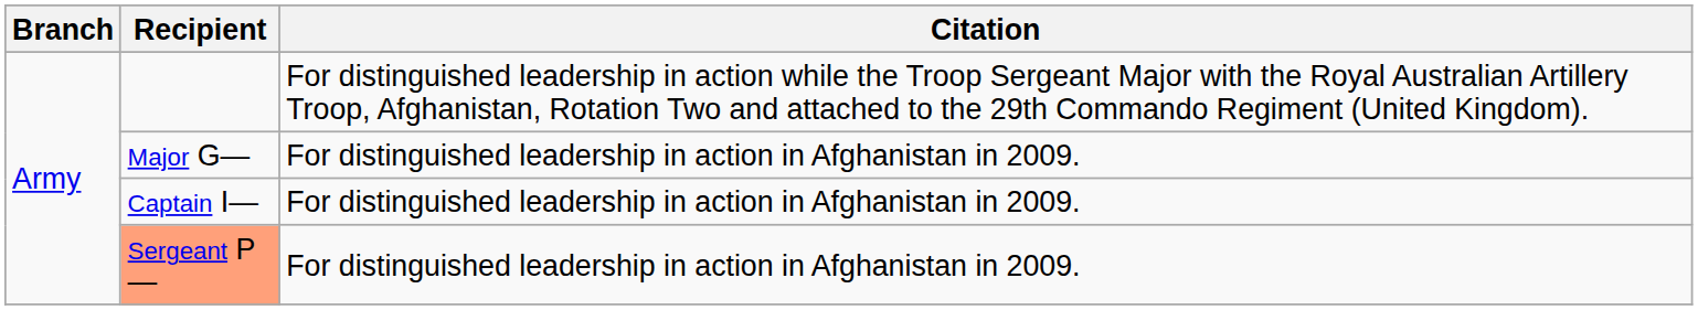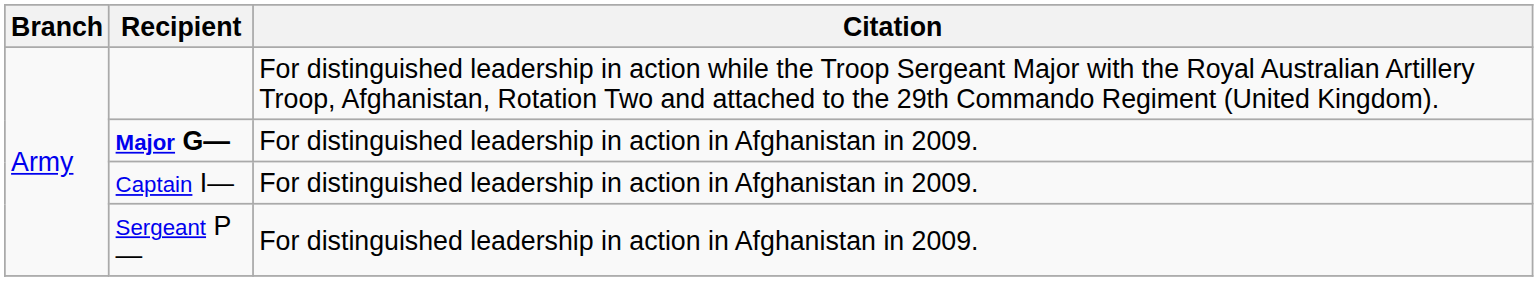 <table class="wikitable" style="font-size:95%;">
 <tr>
 <th>Branch</th>
 <th>Recipient</th>
 <th>Citation</th>
 </tr>
 <tr>
 <td rowspan="4"><a href='#'>Army</a></td>
 <td></td>
 <td>For distinguished leadership in action while the Troop Sergeant Major with the Royal Australian Artillery Troop, Afghanistan, Rotation Two and attached to the 29th Commando Regiment (United Kingdom).</td>
 </tr>
 <tr>
-<td><small><a href='#'>Major</a></small> G—</td>
+<td><strong><small><a href='#'>Major</a></small> G—</strong></td>
 <td>For distinguished leadership in action in Afghanistan in 2009.</td>
 </tr>
 <tr>
 <td><small><a href='#'>Captain</a></small> I—</td>
 <td>For distinguished leadership in action in Afghanistan in 2009.</td>
 </tr>
 <tr>
-<td style="background: lightsalmon;"><small><a href='#'>Sergeant</a></small> P—</td>
+<td><small><a href='#'>Sergeant</a></small> P—</td>
 <td>For distinguished leadership in action in Afghanistan in 2009.</td>
 </tr>
 </table>
